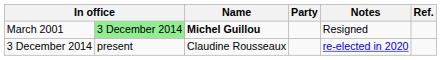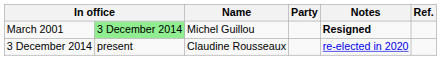 <table class="wikitable">
 <tr>
 <th colspan="2">In office</th>
 <th>Name</th>
 <th>Party</th>
 <th>Notes</th>
 <th>Ref.</th>
 </tr>
 <tr>
 <td>March 2001</td>
 <td style="background: lightgreen;">3 December 2014<span></span></td>
-<td><strong>Michel Guillou</strong></td>
+<td>Michel Guillou</td>
 <td></td>
-<td>Resigned</td>
+<td><strong>Resigned</strong></td>
 <td></td>
 </tr>
 <tr>
 <td>3 December 2014</td>
 <td>present</td>
 <td>Claudine Rousseaux</td>
 <td></td>
 <td><a href='#'>re-elected in 2020</a></td>
 <td></td>
 </tr>
 </table>
